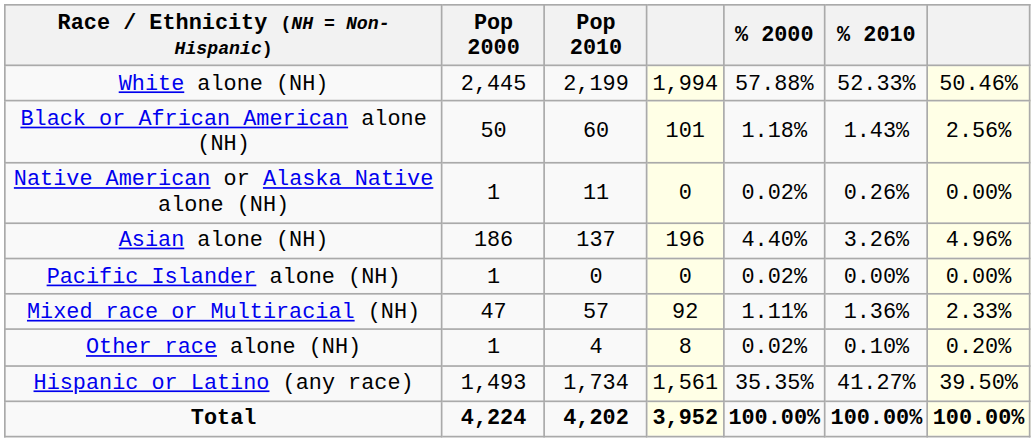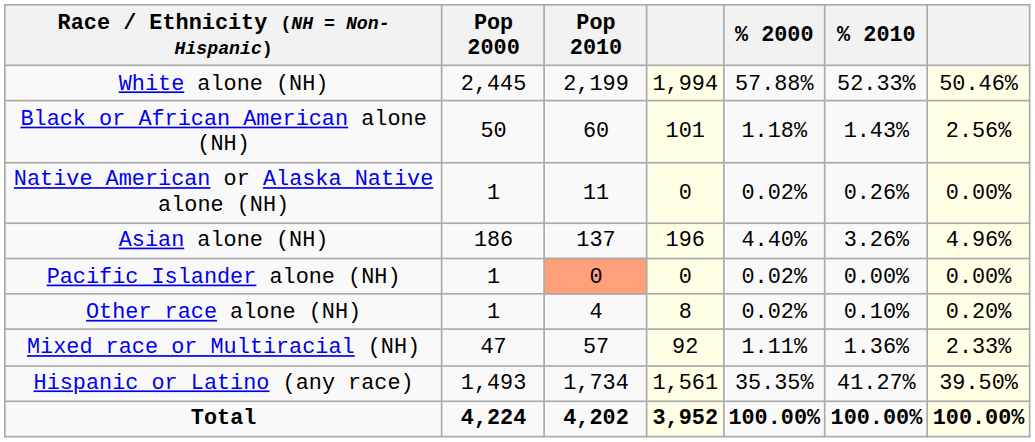 <table class="wikitable" style="text-align:center;">
 <tr>
 <th>Race / Ethnicity <small>(<em>NH = Non-Hispanic</em>)</small></th>
 <th>Pop 2000</th>
 <th>Pop 2010</th>
 <th></th>
 <th>% 2000</th>
 <th>% 2010</th>
 <th></th>
 </tr>
 <tr>
 <td><a href='#'>White</a> alone (NH)</td>
 <td>2,445</td>
 <td>2,199</td>
 <td style='background: #ffffe6;'>1,994</td>
 <td>57.88%</td>
 <td>52.33%</td>
 <td style='background: #ffffe6;'>50.46%</td>
 </tr>
 <tr>
 <td><a href='#'>Black or African American</a> alone (NH)</td>
 <td>50</td>
 <td>60</td>
 <td style='background: #ffffe6;'>101</td>
 <td>1.18%</td>
 <td>1.43%</td>
 <td style='background: #ffffe6;'>2.56%</td>
 </tr>
 <tr>
 <td><a href='#'>Native American</a> or <a href='#'>Alaska Native</a> alone (NH)</td>
 <td>1</td>
 <td>11</td>
 <td style='background: #ffffe6;'>0</td>
 <td>0.02%</td>
 <td>0.26%</td>
 <td style='background: #ffffe6;'>0.00%</td>
 </tr>
 <tr>
 <td><a href='#'>Asian</a> alone (NH)</td>
 <td>186</td>
 <td>137</td>
 <td style='background: #ffffe6;'>196</td>
 <td>4.40%</td>
 <td>3.26%</td>
 <td style='background: #ffffe6;'>4.96%</td>
 </tr>
 <tr>
 <td><a href='#'>Pacific Islander</a> alone (NH)</td>
 <td>1</td>
-<td>0</td>
+<td style="background: lightsalmon;">0</td>
 <td style='background: #ffffe6;'>0</td>
 <td>0.02%</td>
 <td>0.00%</td>
 <td style='background: #ffffe6;'>0.00%</td>
+</tr>
+<tr>
+<td><a href='#'>Other race</a> alone (NH)</td>
+<td>1</td>
+<td>4</td>
+<td style='background: #ffffe6;'>8</td>
+<td>0.02%</td>
+<td>0.10%</td>
+<td style='background: #ffffe6;'>0.20%</td>
 </tr>
 <tr>
 <td><a href='#'>Mixed race or Multiracial</a> (NH)</td>
 <td>47</td>
 <td>57</td>
 <td style='background: #ffffe6;'>92</td>
 <td>1.11%</td>
 <td>1.36%</td>
 <td style='background: #ffffe6;'>2.33%</td>
-</tr>
-<tr>
-<td><a href='#'>Other race</a> alone (NH)</td>
-<td>1</td>
-<td>4</td>
-<td style='background: #ffffe6;'>8</td>
-<td>0.02%</td>
-<td>0.10%</td>
-<td style='background: #ffffe6;'>0.20%</td>
 </tr>
 <tr>
 <td><a href='#'>Hispanic or Latino</a> (any race)</td>
 <td>1,493</td>
 <td>1,734</td>
 <td style='background: #ffffe6;'>1,561</td>
 <td>35.35%</td>
 <td>41.27%</td>
 <td style='background: #ffffe6;'>39.50%</td>
 </tr>
 <tr>
 <td><strong>Total</strong></td>
 <td><strong>4,224</strong></td>
 <td><strong>4,202</strong></td>
 <td style='background: #ffffe6;'><strong>3,952</strong></td>
 <td><strong>100.00%</strong></td>
 <td><strong>100.00%</strong></td>
 <td style='background: #ffffe6;'><strong>100.00%</strong></td>
 </tr>
 </table>
